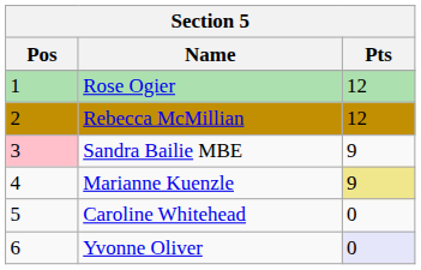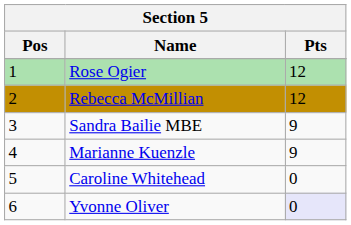 <table class="wikitable">
 <tr>
 <th colspan="6">Section 5</th>
 </tr>
 <tr>
 <th width=50>Pos</th>
 <th width=200>Name</th>
 <th width=50>Pts</th>
 </tr>
 <tr>
 </tr>
 <tr style="background:#ACE1AF;">
 <td>1</td>
 <td> <a href='#'>Rose Ogier</a></td>
 <td>12</td>
 </tr>
 <tr style="background:#c28f02;">
 <td>2</td>
 <td> <a href='#'>Rebecca McMillian</a></td>
 <td>12</td>
 </tr>
 <tr>
-<td style="background: pink;">3</td>
+<td>3</td>
 <td> <a href='#'>Sandra Bailie</a> MBE</td>
 <td>9</td>
 </tr>
 <tr>
 <td>4</td>
 <td> <a href='#'>Marianne Kuenzle</a></td>
-<td style="background: khaki;">9</td>
+<td>9</td>
 </tr>
 <tr>
 <td>5</td>
 <td> <a href='#'>Caroline Whitehead</a></td>
 <td>0</td>
 </tr>
 <tr>
 <td>6</td>
 <td> <a href='#'>Yvonne Oliver</a></td>
 <td style="background: lavender;">0</td>
 </tr>
 </table>
